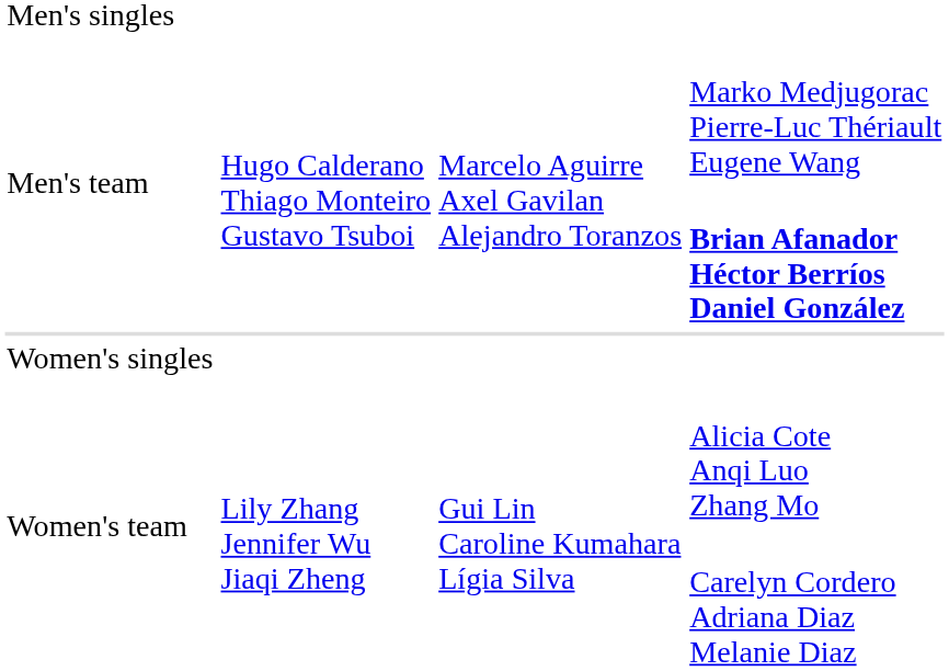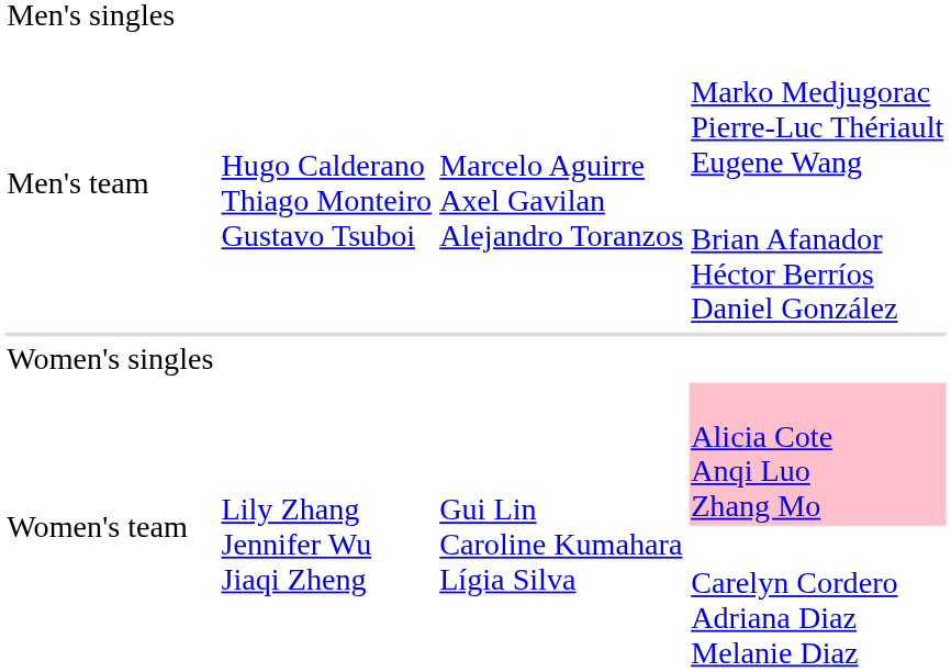 <table>
 <tr>
 <td rowspan=2>Men's singles<br></td>
 <td rowspan=2></td>
 <td rowspan=2></td>
 <td></td>
 </tr>
 <tr>
 <td></td>
 </tr>
 <tr>
 <td rowspan=2>Men's team<br></td>
 <td rowspan=2><br><a href='#'>Hugo Calderano</a><br><a href='#'>Thiago Monteiro</a><br><a href='#'>Gustavo Tsuboi</a></td>
 <td rowspan=2><br><a href='#'>Marcelo Aguirre</a><br><a href='#'>Axel Gavilan</a><br><a href='#'>Alejandro Toranzos</a></td>
 <td><br><a href='#'>Marko Medjugorac</a><br><a href='#'>Pierre-Luc Thériault</a><br><a href='#'>Eugene Wang</a></td>
 </tr>
 <tr>
-<td><strong><br><a href='#'>Brian Afanador</a><br><a href='#'>Héctor Berríos</a><br><a href='#'>Daniel González</a></strong></td>
+<td><br><a href='#'>Brian Afanador</a><br><a href='#'>Héctor Berríos</a><br><a href='#'>Daniel González</a></td>
 </tr>
 <tr bgcolor=#DDDDDD>
 <td colspan=7></td>
 </tr>
 <tr>
 <td rowspan=2>Women's singles<br></td>
 <td rowspan=2></td>
 <td rowspan=2></td>
 <td></td>
 </tr>
 <tr>
 <td></td>
 </tr>
 <tr>
 <td rowspan=2>Women's team<br></td>
 <td rowspan=2><br><a href='#'>Lily Zhang</a><br><a href='#'>Jennifer Wu</a><br><a href='#'>Jiaqi Zheng</a></td>
 <td rowspan=2><br><a href='#'>Gui Lin</a><br><a href='#'>Caroline Kumahara</a><br><a href='#'>Lígia Silva</a></td>
-<td><br><a href='#'>Alicia Cote</a><br><a href='#'>Anqi Luo</a><br><a href='#'>Zhang Mo</a></td>
+<td style="background: pink;"><br><a href='#'>Alicia Cote</a><br><a href='#'>Anqi Luo</a><br><a href='#'>Zhang Mo</a></td>
 </tr>
 <tr>
 <td><br><a href='#'>Carelyn Cordero</a><br><a href='#'>Adriana Diaz</a><br><a href='#'>Melanie Diaz</a></td>
 </tr>
 </table>
